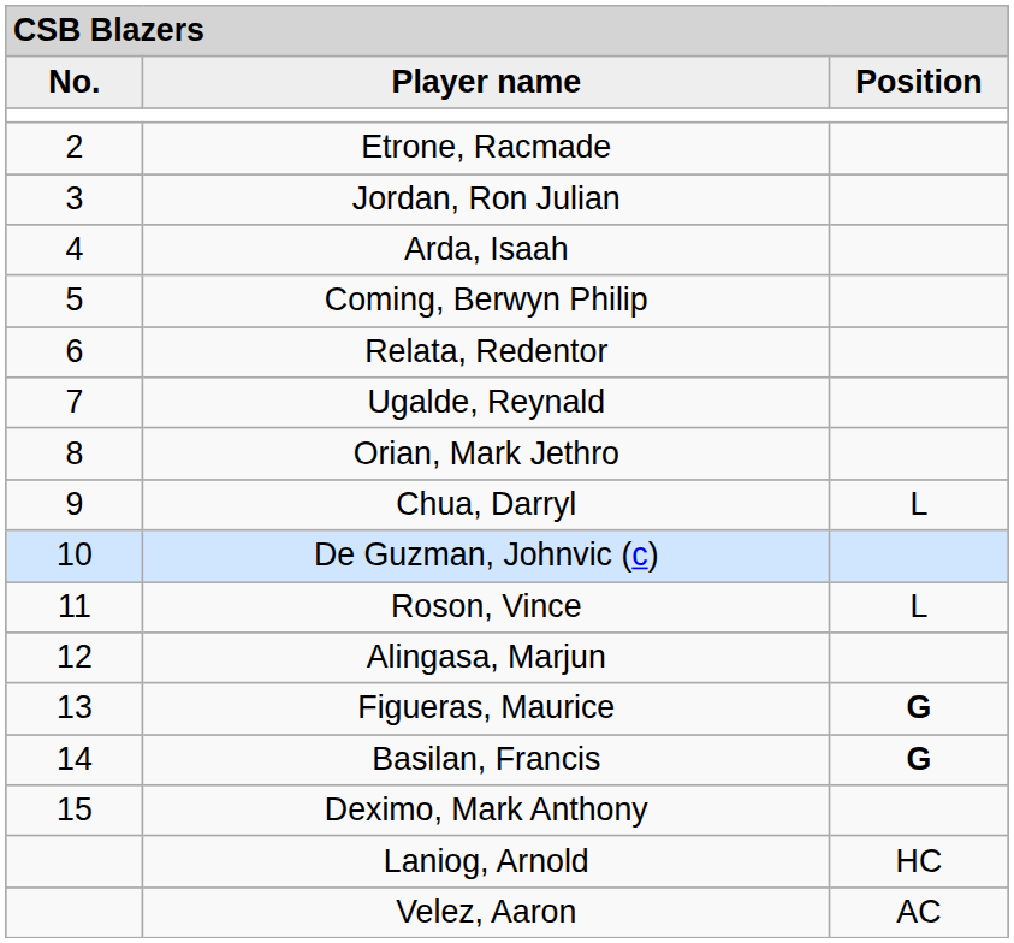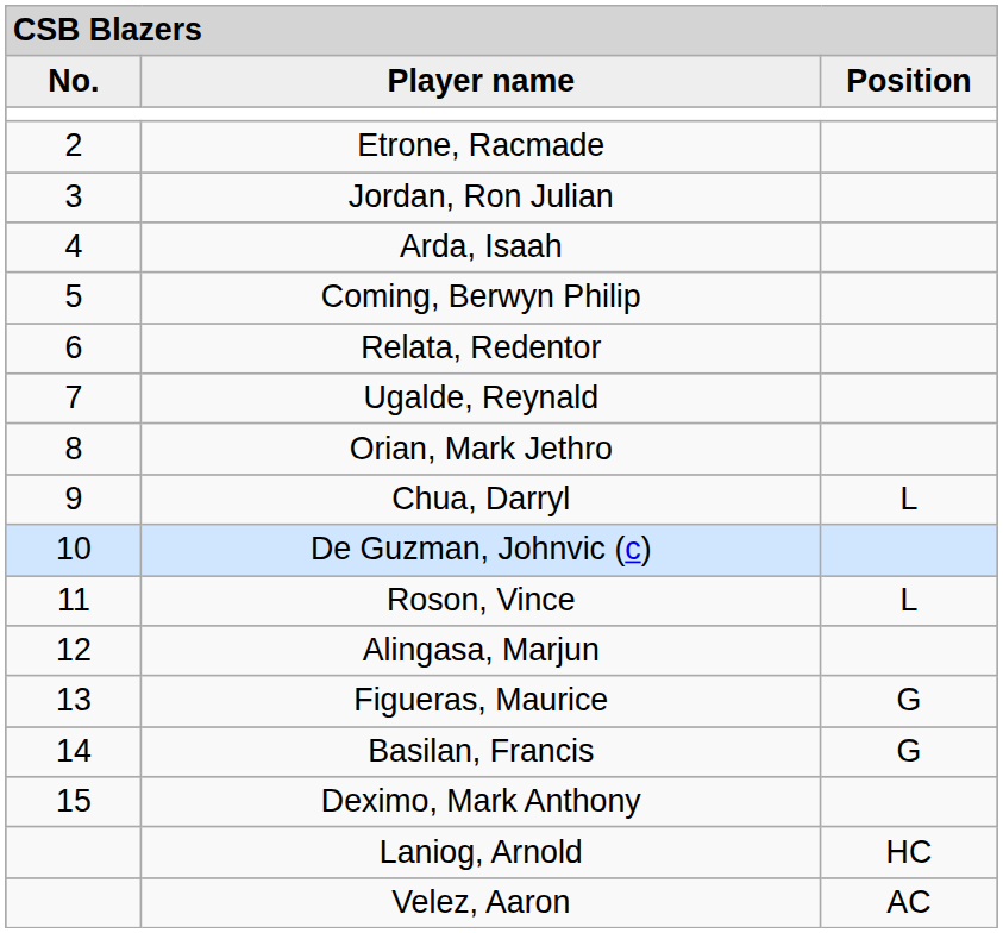 <table class='wikitable mw-collapsible mw-collapsed' style='text-align: center; width: 500px; border: none;'>
 <tr>
 <th style="background:#D4D4D4; text-align:left;" colspan=3> CSB Blazers</th>
 </tr>
 <tr style="background:#EEEEEE; font-weight:bold;">
 <td width=10%>No.</td>
 <td width=50%>Player name</td>
 <td width=10%>Position</td>
 </tr>
 <tr style="background:#FFFFFF;">
 <td colspan=3 align=center></td>
 </tr>
 <tr>
 <td align=center>2</td>
 <td>Etrone, Racmade</td>
 <td align=center></td>
 </tr>
 <tr>
 <td align=center>3</td>
 <td>Jordan, Ron Julian</td>
 <td align=center></td>
 </tr>
 <tr>
 <td align=center>4</td>
 <td>Arda, Isaah</td>
 <td align=center></td>
 </tr>
 <tr>
 <td align=center>5</td>
 <td>Coming, Berwyn Philip</td>
 <td align=center></td>
 </tr>
 <tr>
 <td align=center>6</td>
 <td>Relata, Redentor</td>
 <td align=center></td>
 </tr>
 <tr>
 <td align=center>7</td>
 <td>Ugalde, Reynald</td>
 <td align=center></td>
 </tr>
 <tr>
 <td align=center>8</td>
 <td>Orian, Mark Jethro</td>
 <td align=center></td>
 </tr>
 <tr>
 <td align=center>9</td>
 <td>Chua, Darryl</td>
 <td align=center>L</td>
 </tr>
 <tr style="background:#D0E6FF;">
 <td align=center>10</td>
 <td>De Guzman, Johnvic (<a href='#'>c</a>)</td>
 <td align=center></td>
 </tr>
 <tr>
 <td align=center>11</td>
 <td>Roson, Vince</td>
 <td align=center>L</td>
 </tr>
 <tr>
 <td align=center>12</td>
 <td>Alingasa, Marjun</td>
 <td align=center></td>
 </tr>
 <tr>
 <td align=center>13</td>
 <td>Figueras, Maurice</td>
-<td align=center><strong>G</strong></td>
+<td align=center>G</td>
 </tr>
 <tr>
 <td align=center>14</td>
 <td>Basilan, Francis</td>
-<td align=center><strong>G</strong></td>
+<td align=center>G</td>
 </tr>
 <tr>
 <td align=center>15</td>
 <td>Deximo, Mark Anthony</td>
 <td align=center></td>
 </tr>
 <tr>
 <td align=center></td>
 <td>Laniog, Arnold</td>
 <td align=center>HC</td>
 </tr>
 <tr>
 <td align=center></td>
 <td>Velez, Aaron</td>
 <td align=center>AC</td>
 </tr>
 <tr>
 </tr>
 </table>
